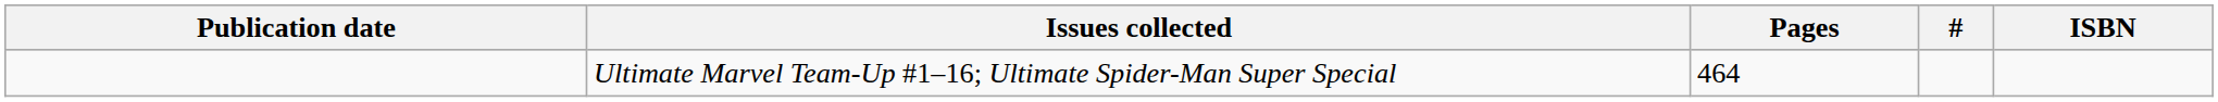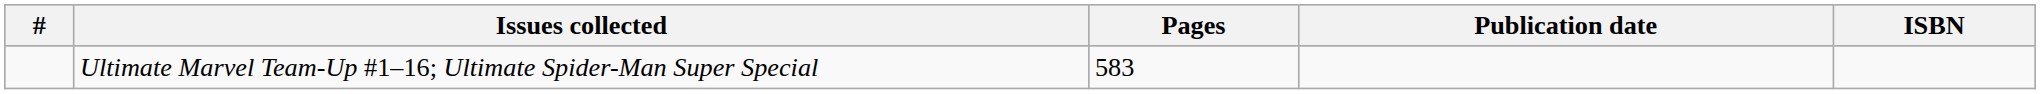 <table class="wikitable sortable" width=98%>
 <tr>
-<th>Publication date</th>
+<th class="unsortable">#</th>
 <th class="unsortable" width="50%">Issues collected</th>
 <th>Pages</th>
-<th class="unsortable">#</th>
+<th>Publication date</th>
 <th class="unsortable">ISBN</th>
 </tr>
 <tr>
 <td></td>
 <td><em>Ultimate Marvel Team-Up</em> #1–16; <em>Ultimate Spider-Man Super Special</em></td>
-<td>464</td>
+<td>583</td>
 <td></td>
 <td></td>
 </tr>
 </table>
